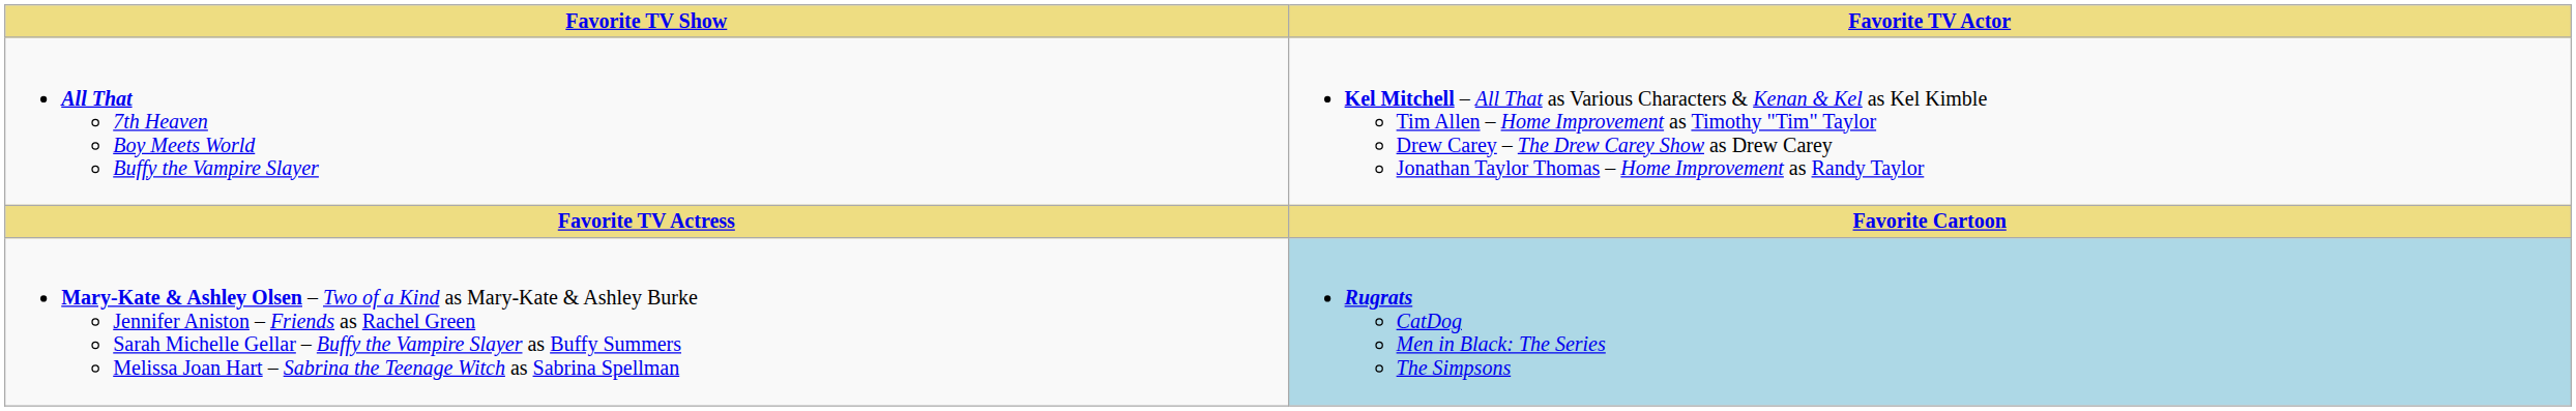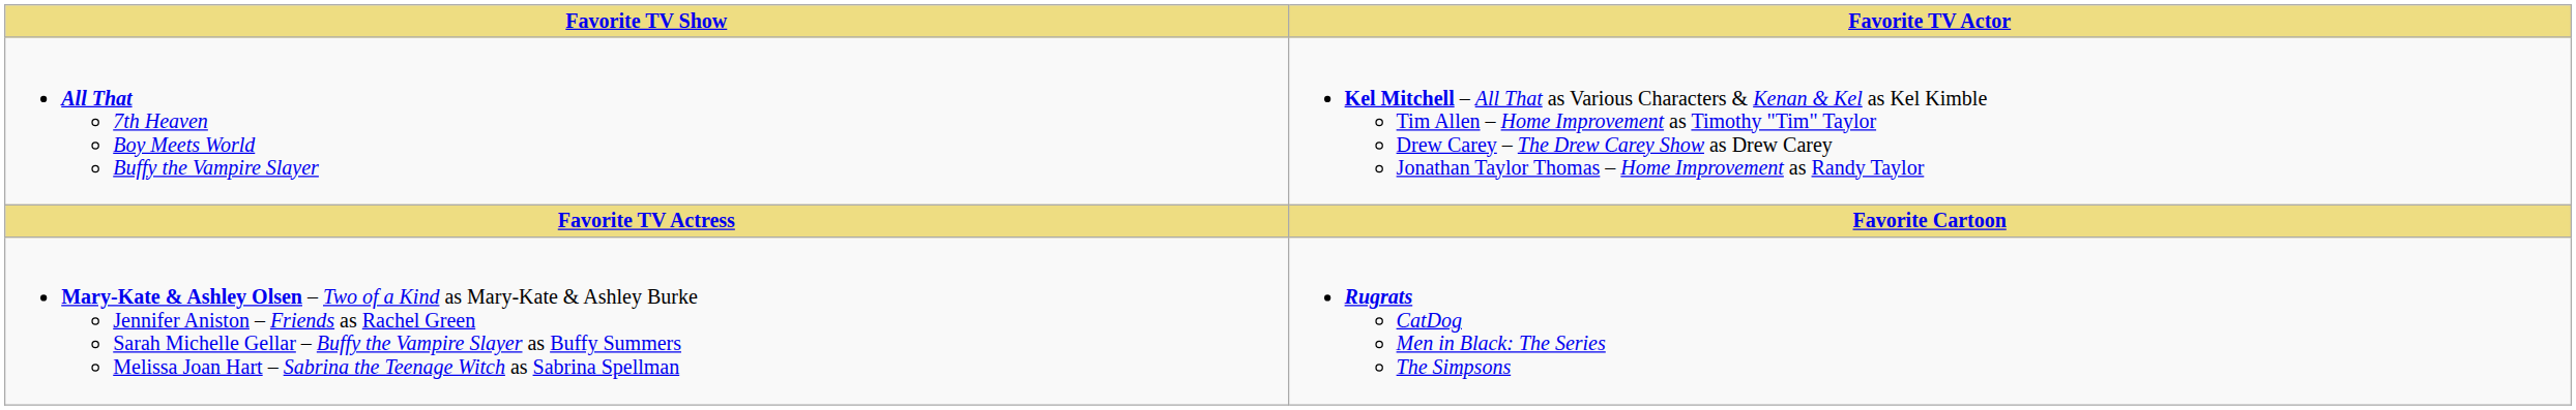 <table class="wikitable" style="width:100%">
 <tr>
 <th style="background:#EEDD82; width:50%"><a href='#'>Favorite TV Show</a></th>
 <th style="background:#EEDD82; width:50%"><a href='#'>Favorite TV Actor</a></th>
 </tr>
 <tr>
 <td valign="top"><br><ul><li><strong><em><a href='#'>All That</a></em></strong><ul><li><em><a href='#'>7th Heaven</a></em></li><li><em><a href='#'>Boy Meets World</a></em></li><li><em><a href='#'>Buffy the Vampire Slayer</a></em></li></ul></li></ul></td>
 <td valign="top"><br><ul><li><strong><a href='#'>Kel Mitchell</a></strong> – <em><a href='#'>All That</a></em> as Various Characters & <em><a href='#'>Kenan & Kel</a></em> as Kel Kimble<ul><li><a href='#'>Tim Allen</a> – <em><a href='#'>Home Improvement</a></em> as <a href='#'>Timothy "Tim" Taylor</a></li><li><a href='#'>Drew Carey</a> – <em><a href='#'>The Drew Carey Show</a></em> as Drew Carey</li><li><a href='#'>Jonathan Taylor Thomas</a> – <em><a href='#'>Home Improvement</a></em> as <a href='#'>Randy Taylor</a></li></ul></li></ul></td>
 </tr>
 <tr>
 <th style="background:#EEDD82; width:50%"><a href='#'>Favorite TV Actress</a></th>
 <th style="background:#EEDD82; width:50%"><a href='#'>Favorite Cartoon</a></th>
 </tr>
 <tr>
 <td valign="top"><br><ul><li><strong><a href='#'>Mary-Kate & Ashley Olsen</a></strong> – <em><a href='#'>Two of a Kind</a></em> as Mary-Kate & Ashley Burke<ul><li><a href='#'>Jennifer Aniston</a> – <em><a href='#'>Friends</a></em> as <a href='#'>Rachel Green</a></li><li><a href='#'>Sarah Michelle Gellar</a> – <em><a href='#'>Buffy the Vampire Slayer</a></em> as <a href='#'>Buffy Summers</a></li><li><a href='#'>Melissa Joan Hart</a> – <em><a href='#'>Sabrina the Teenage Witch</a></em> as <a href='#'>Sabrina Spellman</a></li></ul></li></ul></td>
-<td valign="top" style="background: lightblue;"><br><ul><li><strong><em><a href='#'>Rugrats</a></em></strong><ul><li><em><a href='#'>CatDog</a></em></li><li><em><a href='#'>Men in Black: The Series</a></em></li><li><em><a href='#'>The Simpsons</a></em></li></ul></li></ul></td>
+<td valign="top"><br><ul><li><strong><em><a href='#'>Rugrats</a></em></strong><ul><li><em><a href='#'>CatDog</a></em></li><li><em><a href='#'>Men in Black: The Series</a></em></li><li><em><a href='#'>The Simpsons</a></em></li></ul></li></ul></td>
 </tr>
 </table>
